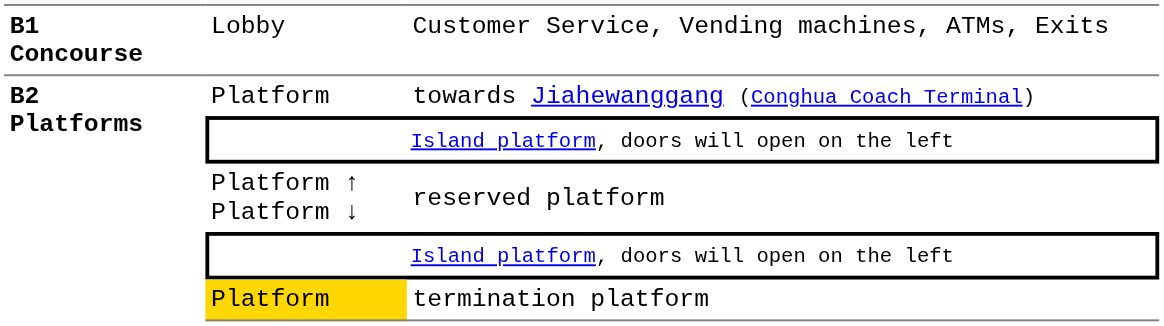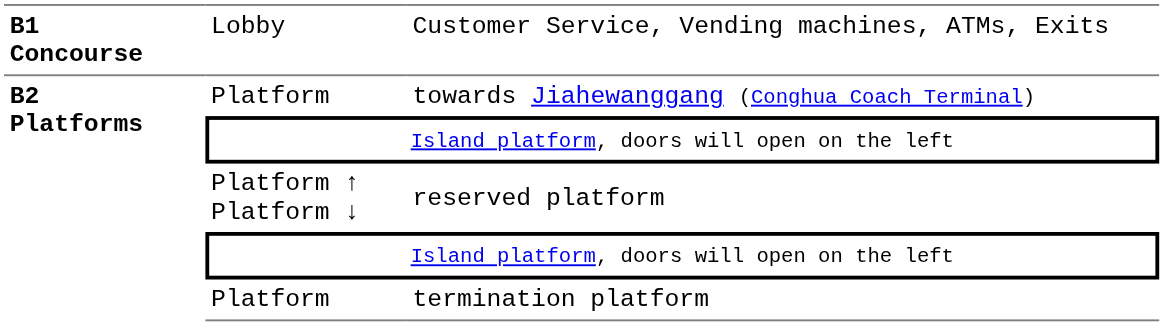 <table table border=0 cellspacing=0 cellpadding=3>
 <tr>
 <td style="border-bottom:solid 1px gray; border-top:solid 1px gray;" valign=top width=100><strong>B1<br>Concourse</strong></td>
 <td style="border-bottom:solid 1px gray; border-top:solid 1px gray;" valign=top width=100>Lobby</td>
 <td style="border-bottom:solid 1px gray; border-top:solid 1px gray;" valign=top width=390>Customer Service, Vending machines, ATMs, Exits</td>
 </tr>
 <tr>
 <td rowspan=5 valign=top><strong>B2<br>Platforms</strong></td>
 <td>Platform </td>
 <td>  towards <a href='#'>Jiahewanggang</a> <small>(<a href='#'>Conghua Coach Terminal</a>)</small></td>
 </tr>
 <tr>
 <td style="border-right:solid 2px black;border-left:solid 2px black;border-top:solid 2px black;border-bottom:solid 2px black;text-align:center;" colspan=2><small><a href='#'>Island platform</a>, doors will open on the left</small></td>
 </tr>
 <tr>
 <td>Platform  ↑<br>Platform  ↓</td>
 <td> reserved platform</td>
 </tr>
 <tr>
 <td style="border-right:solid 2px black;border-left:solid 2px black;border-top:solid 2px black;border-bottom:solid 2px black;text-align:center;" colspan=2><small><a href='#'>Island platform</a>, doors will open on the left</small></td>
 </tr>
 <tr>
-<td style="background: gold; border-bottom:solid 1px gray;">Platform </td>
+<td style="border-bottom:solid 1px gray;">Platform </td>
 <td style="border-bottom:solid 1px gray;"> termination platform</td>
 </tr>
 </table>
